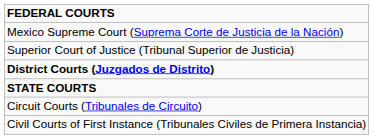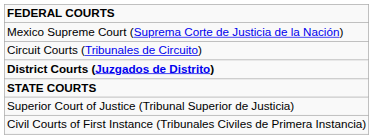 <table class="wikitable">
 <tr>
 <td><strong>FEDERAL COURTS</strong></td>
 </tr>
 <tr>
 <td>Mexico Supreme Court (<a href='#'>Suprema Corte de Justicia de la Nación</a>)</td>
 </tr>
 <tr>
-<td>Superior Court of Justice (Tribunal Superior de Justicia)</td>
+<td>Circuit Courts (<a href='#'>Tribunales de Circuito</a>)</td>
 </tr>
 <tr>
 <td><strong>District Courts (<a href='#'>Juzgados de Distrito</a>)</strong></td>
 </tr>
 <tr>
 <td><strong>STATE COURTS</strong></td>
 </tr>
 <tr>
-<td>Circuit Courts (<a href='#'>Tribunales de Circuito</a>)</td>
+<td>Superior Court of Justice (Tribunal Superior de Justicia)</td>
 </tr>
 <tr>
 <td>Civil Courts of First Instance (Tribunales Civiles de Primera Instancia)</td>
 </tr>
 </table>
